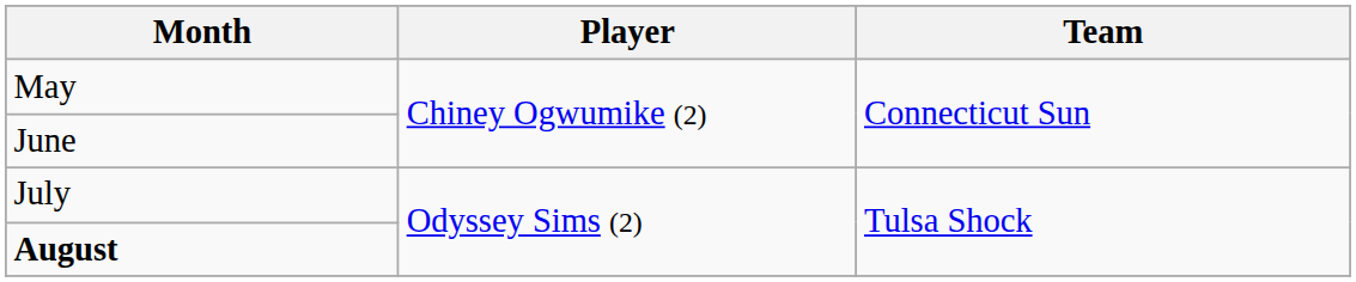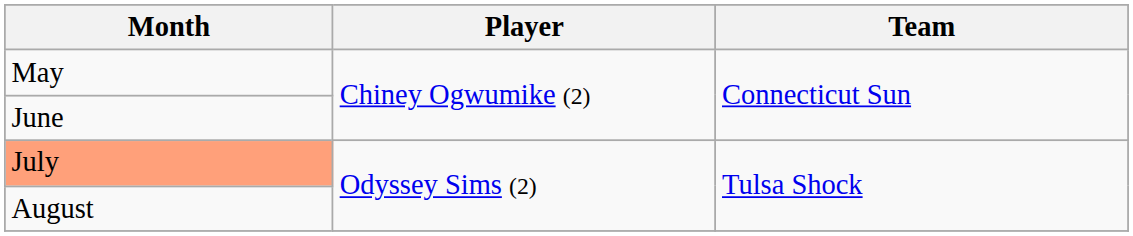 <table class="wikitable" style="width: 50%">
 <tr>
 <th width=60>Month</th>
 <th width=60>Player</th>
 <th width=60>Team</th>
 </tr>
 <tr>
 <td>May</td>
 <td rowspan="2"><a href='#'>Chiney Ogwumike</a> <small>(2)</small></td>
 <td rowspan="2"><a href='#'>Connecticut Sun</a></td>
 </tr>
 <tr>
 <td>June</td>
 </tr>
 <tr>
-<td>July</td>
+<td style="background: lightsalmon;">July</td>
 <td rowspan="2"><a href='#'>Odyssey Sims</a> <small>(2)</small></td>
 <td rowspan="2"><a href='#'>Tulsa Shock</a></td>
 </tr>
 <tr>
-<td><strong>August</strong></td>
+<td>August</td>
 </tr>
 </table>
